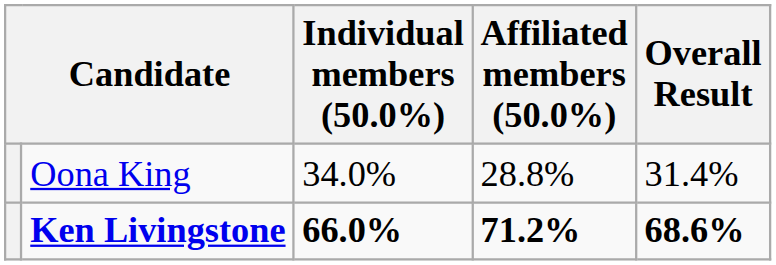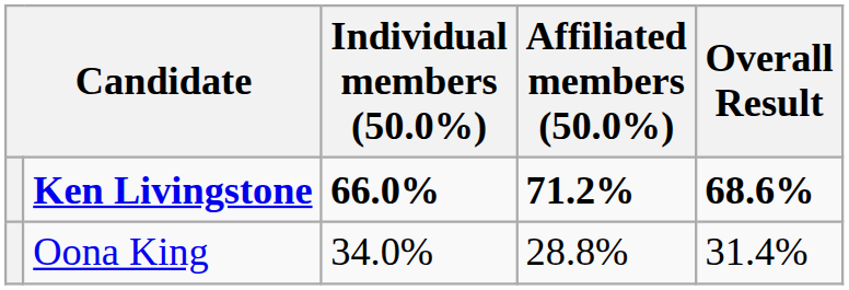 <table class="wikitable">
 <tr>
 <th colspan= 2>Candidate</th>
 <th>Individual <br> members <br> <strong>(50.0%)</strong></th>
 <th>Affiliated <br> members<br> <strong>(50.0%)</strong></th>
 <th>Overall <br> Result</th>
 </tr>
 <tr>
 <th style="background-color: "></th>
+<td><strong><a href='#'>Ken Livingstone</a></strong></td>
+<td><strong>66.0%</strong></td>
+<td><strong>71.2%</strong></td>
+<td><strong>68.6%</strong></td>
+</tr>
+<tr>
+<th style="background-color: "></th>
 <td><a href='#'>Oona King</a></td>
 <td>34.0%</td>
 <td>28.8%</td>
 <td>31.4%</td>
 </tr>
-<tr>
-<th style="background-color: "></th>
-<td><strong><a href='#'>Ken Livingstone</a></strong></td>
-<td><strong>66.0%</strong></td>
-<td><strong>71.2%</strong></td>
-<td><strong>68.6%</strong></td>
-</tr>
 </table>
